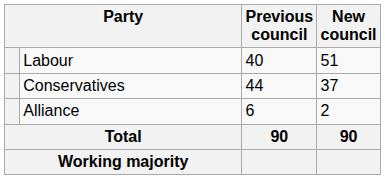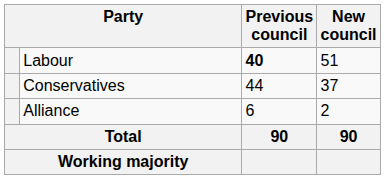 <table class="wikitable">
 <tr>
 <th valign=top colspan="2" style="width: 230px">Party</th>
 <th valign=top style="width: 30px">Previous council</th>
 <th valign=top style="width: 30px">New council</th>
 </tr>
 <tr>
 <th style="background-color: "></th>
 <td>Labour</td>
-<td>40</td>
+<td><strong>40</strong></td>
 <td>51</td>
 </tr>
 <tr>
 <th style="background-color: "></th>
 <td>Conservatives</td>
 <td>44</td>
 <td>37</td>
 </tr>
 <tr>
 <th style="background-color: "></th>
 <td>Alliance</td>
 <td>6</td>
 <td>2</td>
 </tr>
 <tr>
 <th colspan=2>Total</th>
 <th style="text-align: center">90</th>
 <th colspan=3>90</th>
 </tr>
 <tr>
 <th colspan=2>Working majority</th>
 <th></th>
 <th></th>
 </tr>
 </table>
